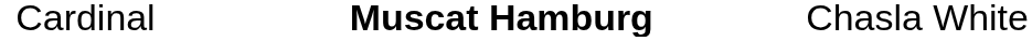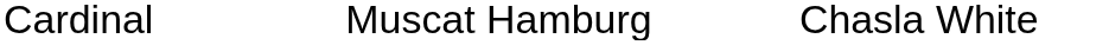 <table class="graytable" style="text-align:center">
 <tr>
 <td width="25%"></td>
 <td width="25%"></td>
 <td width="25%"></td>
 </tr>
 <tr>
 <td>Cardinal</td>
-<td><strong>Muscat Hamburg</strong></td>
+<td>Muscat Hamburg</td>
 <td>Chasla White</td>
 </tr>
 </table>
